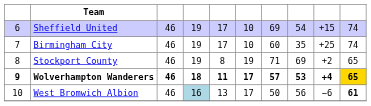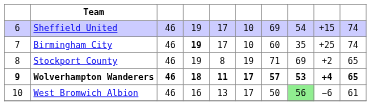 <table class="toccolours" border="1" cellpadding="4" cellspacing="0" style="text-align:center; border-collapse: collapse; margin:0;">
 <tr>
 <th width=30></th>
 <th>Team</th>
 <th width="30"></th>
 <th width="30"></th>
 <th width="30"></th>
 <th width="30"></th>
 <th width="30"></th>
 <th width="30"></th>
 <th width="30"></th>
 <th width="30"></th>
 </tr>
 <tr bgcolor="#ccccff">
 <td>6</td>
 <td align=left><a href='#'>Sheffield United</a></td>
 <td>46</td>
 <td>19</td>
 <td>17</td>
 <td>10</td>
 <td>69</td>
 <td>54</td>
 <td>+15</td>
 <td>74</td>
 </tr>
 <tr>
 <td>7</td>
 <td align=left><a href='#'>Birmingham City</a></td>
 <td>46</td>
-<td>19</td>
+<td><strong>19</strong></td>
 <td>17</td>
 <td>10</td>
 <td>60</td>
 <td>35</td>
 <td>+25</td>
 <td>74</td>
 </tr>
 <tr>
 <td>8</td>
 <td align=left><a href='#'>Stockport County</a></td>
 <td>46</td>
 <td>19</td>
 <td>8</td>
 <td>19</td>
 <td>71</td>
 <td>69</td>
 <td>+2</td>
 <td>65</td>
 </tr>
 <tr>
 <td><strong>9</strong></td>
 <td align=left><strong>Wolverhampton Wanderers</strong></td>
 <td><strong>46</strong></td>
 <td><strong>18</strong></td>
 <td><strong>11</strong></td>
 <td><strong>17</strong></td>
 <td><strong>57</strong></td>
 <td><strong>53</strong></td>
 <td><strong>+4</strong></td>
-<td style="background: gold;"><strong>65</strong></td>
+<td><strong>65</strong></td>
 </tr>
 <tr>
 <td>10</td>
 <td align=left><a href='#'>West Bromwich Albion</a></td>
 <td>46</td>
-<td style="background: lightblue;">16</td>
+<td>16</td>
 <td>13</td>
 <td>17</td>
 <td>50</td>
-<td>56</td>
+<td style="background: lightgreen;">56</td>
 <td>−6</td>
-<td><strong>61</strong></td>
+<td>61</td>
 </tr>
 <tr>
 </tr>
 </table>
